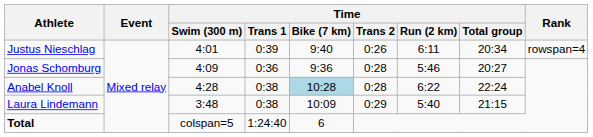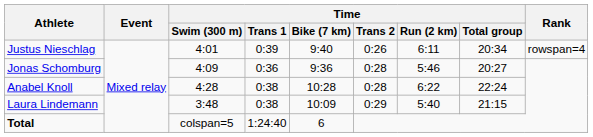 <table class="wikitable" style="font-size:90%; text-align:center">
 <tr>
 <th rowspan=2>Athlete</th>
 <th rowspan=2>Event</th>
 <th colspan=6>Time</th>
 <th rowspan=2>Rank</th>
 </tr>
 <tr style="font-size:95%">
 <th>Swim (300 m)</th>
 <th>Trans 1</th>
 <th>Bike (7 km)</th>
 <th>Trans 2</th>
 <th>Run (2 km)</th>
 <th>Total group</th>
 </tr>
 <tr>
 <td align=left><a href='#'>Justus Nieschlag</a></td>
 <td align=left rowspan=5><a href='#'>Mixed relay</a></td>
 <td>4:01</td>
 <td>0:39</td>
 <td>9:40</td>
 <td>0:26</td>
 <td>6:11</td>
 <td>20:34</td>
 <td>rowspan=4 </td>
 </tr>
 <tr>
 <td align=left><a href='#'>Jonas Schomburg</a></td>
 <td>4:09</td>
 <td>0:36</td>
 <td>9:36</td>
 <td>0:28</td>
 <td>5:46</td>
 <td>20:27</td>
 </tr>
 <tr>
 <td align=left><a href='#'>Anabel Knoll</a></td>
 <td>4:28</td>
 <td>0:38</td>
-<td style="background: lightblue;">10:28</td>
+<td>10:28</td>
 <td>0:28</td>
 <td>6:22</td>
 <td>22:24</td>
 </tr>
 <tr>
 <td align=left><a href='#'>Laura Lindemann</a></td>
 <td>3:48</td>
 <td>0:38</td>
 <td>10:09</td>
 <td>0:29</td>
 <td>5:40</td>
 <td>21:15</td>
 </tr>
 <tr align=center>
 <td align=left><strong>Total</strong></td>
 <td>colspan=5 </td>
 <td>1:24:40</td>
 <td>6</td>
 </tr>
 </table>
